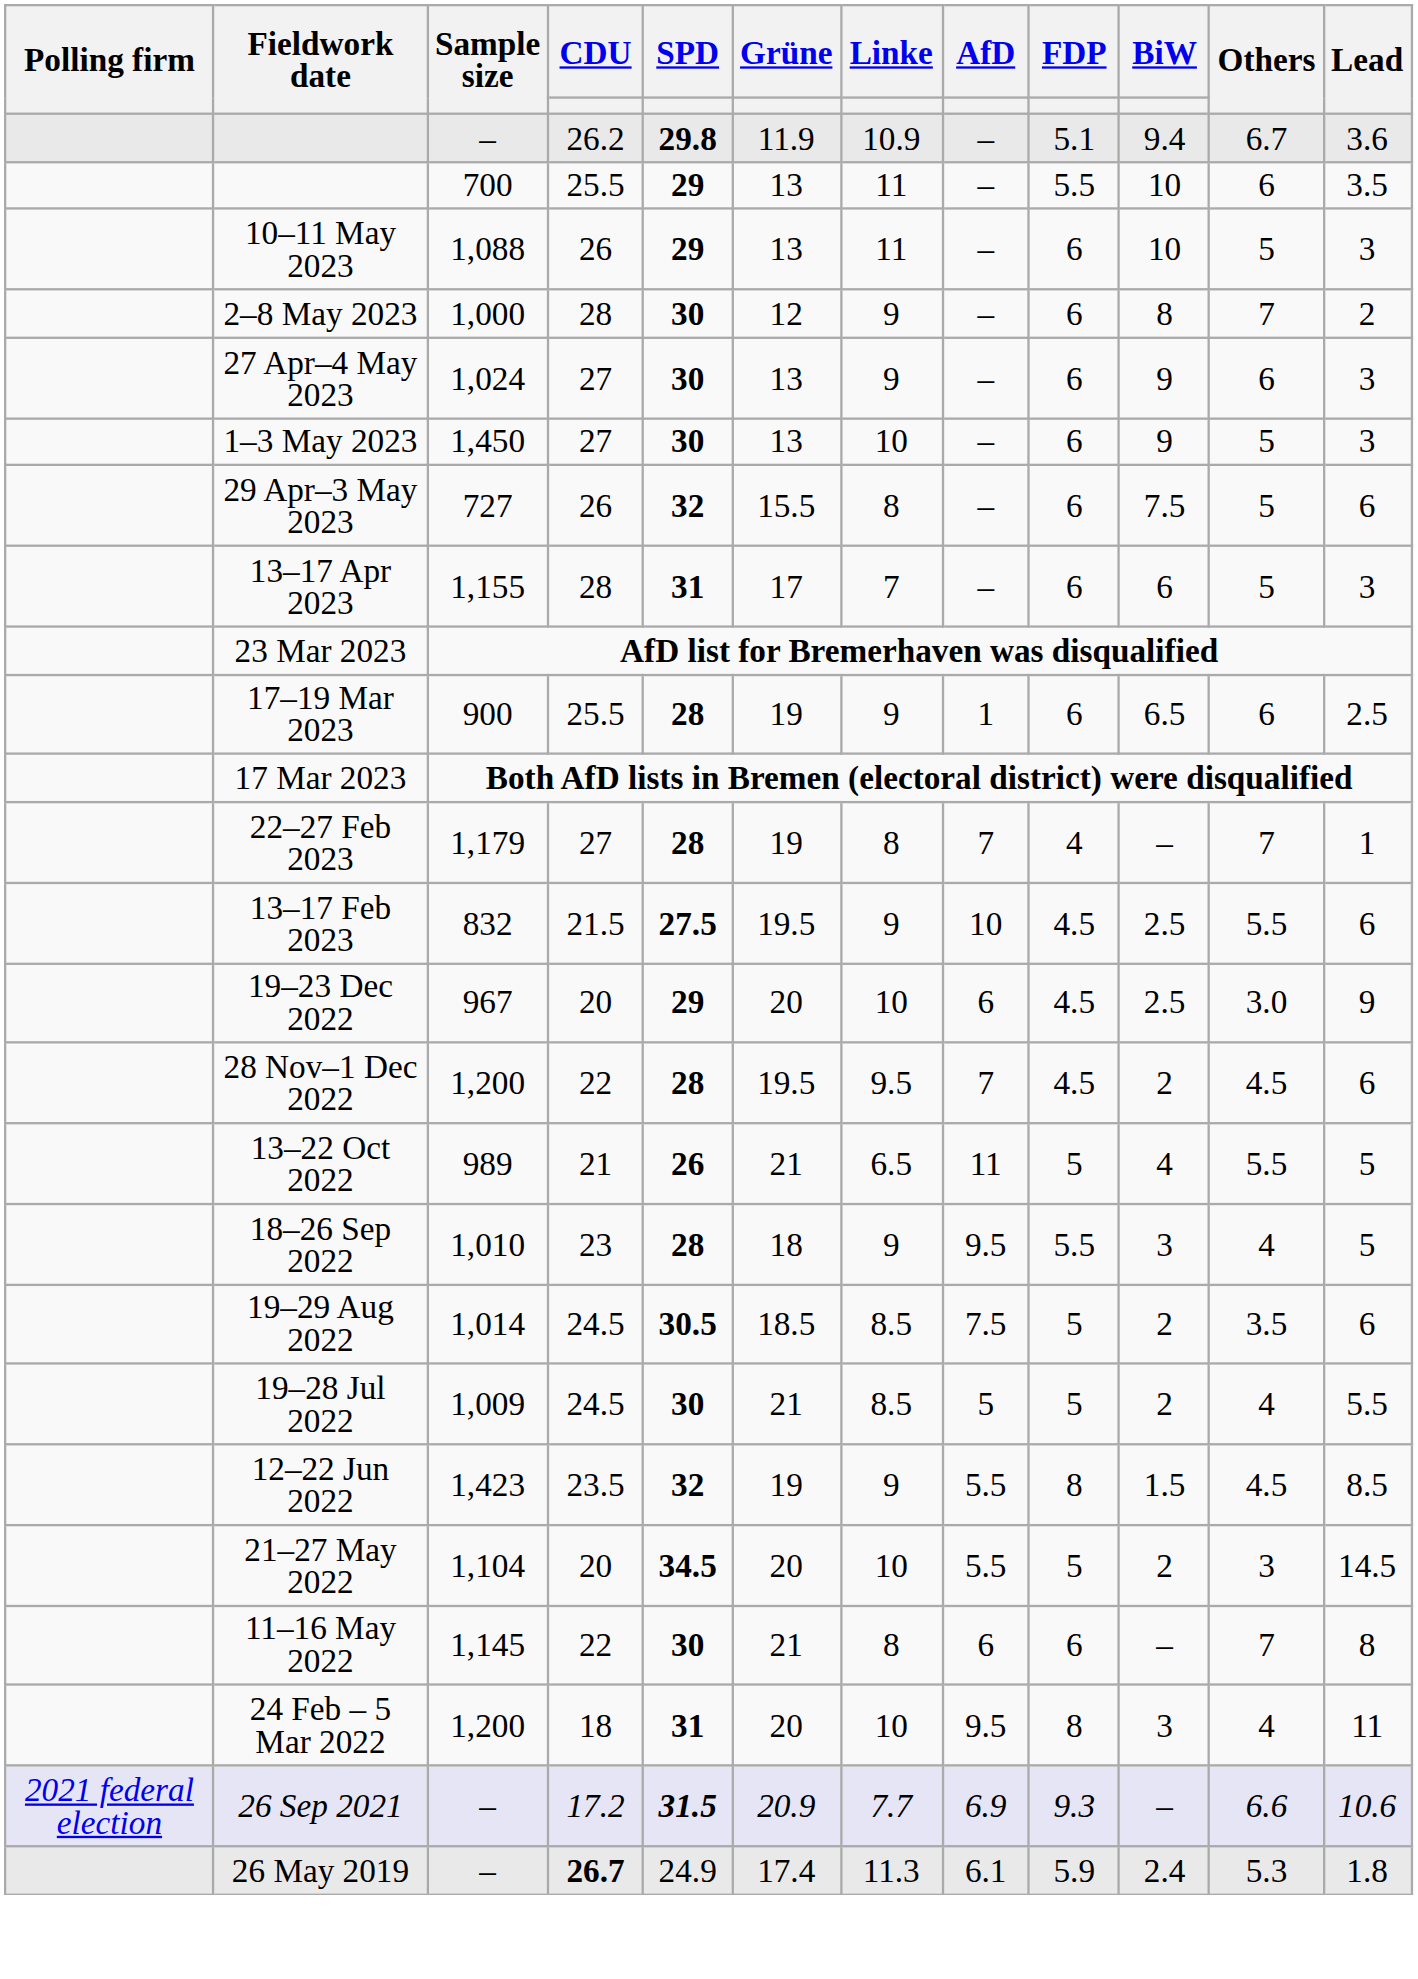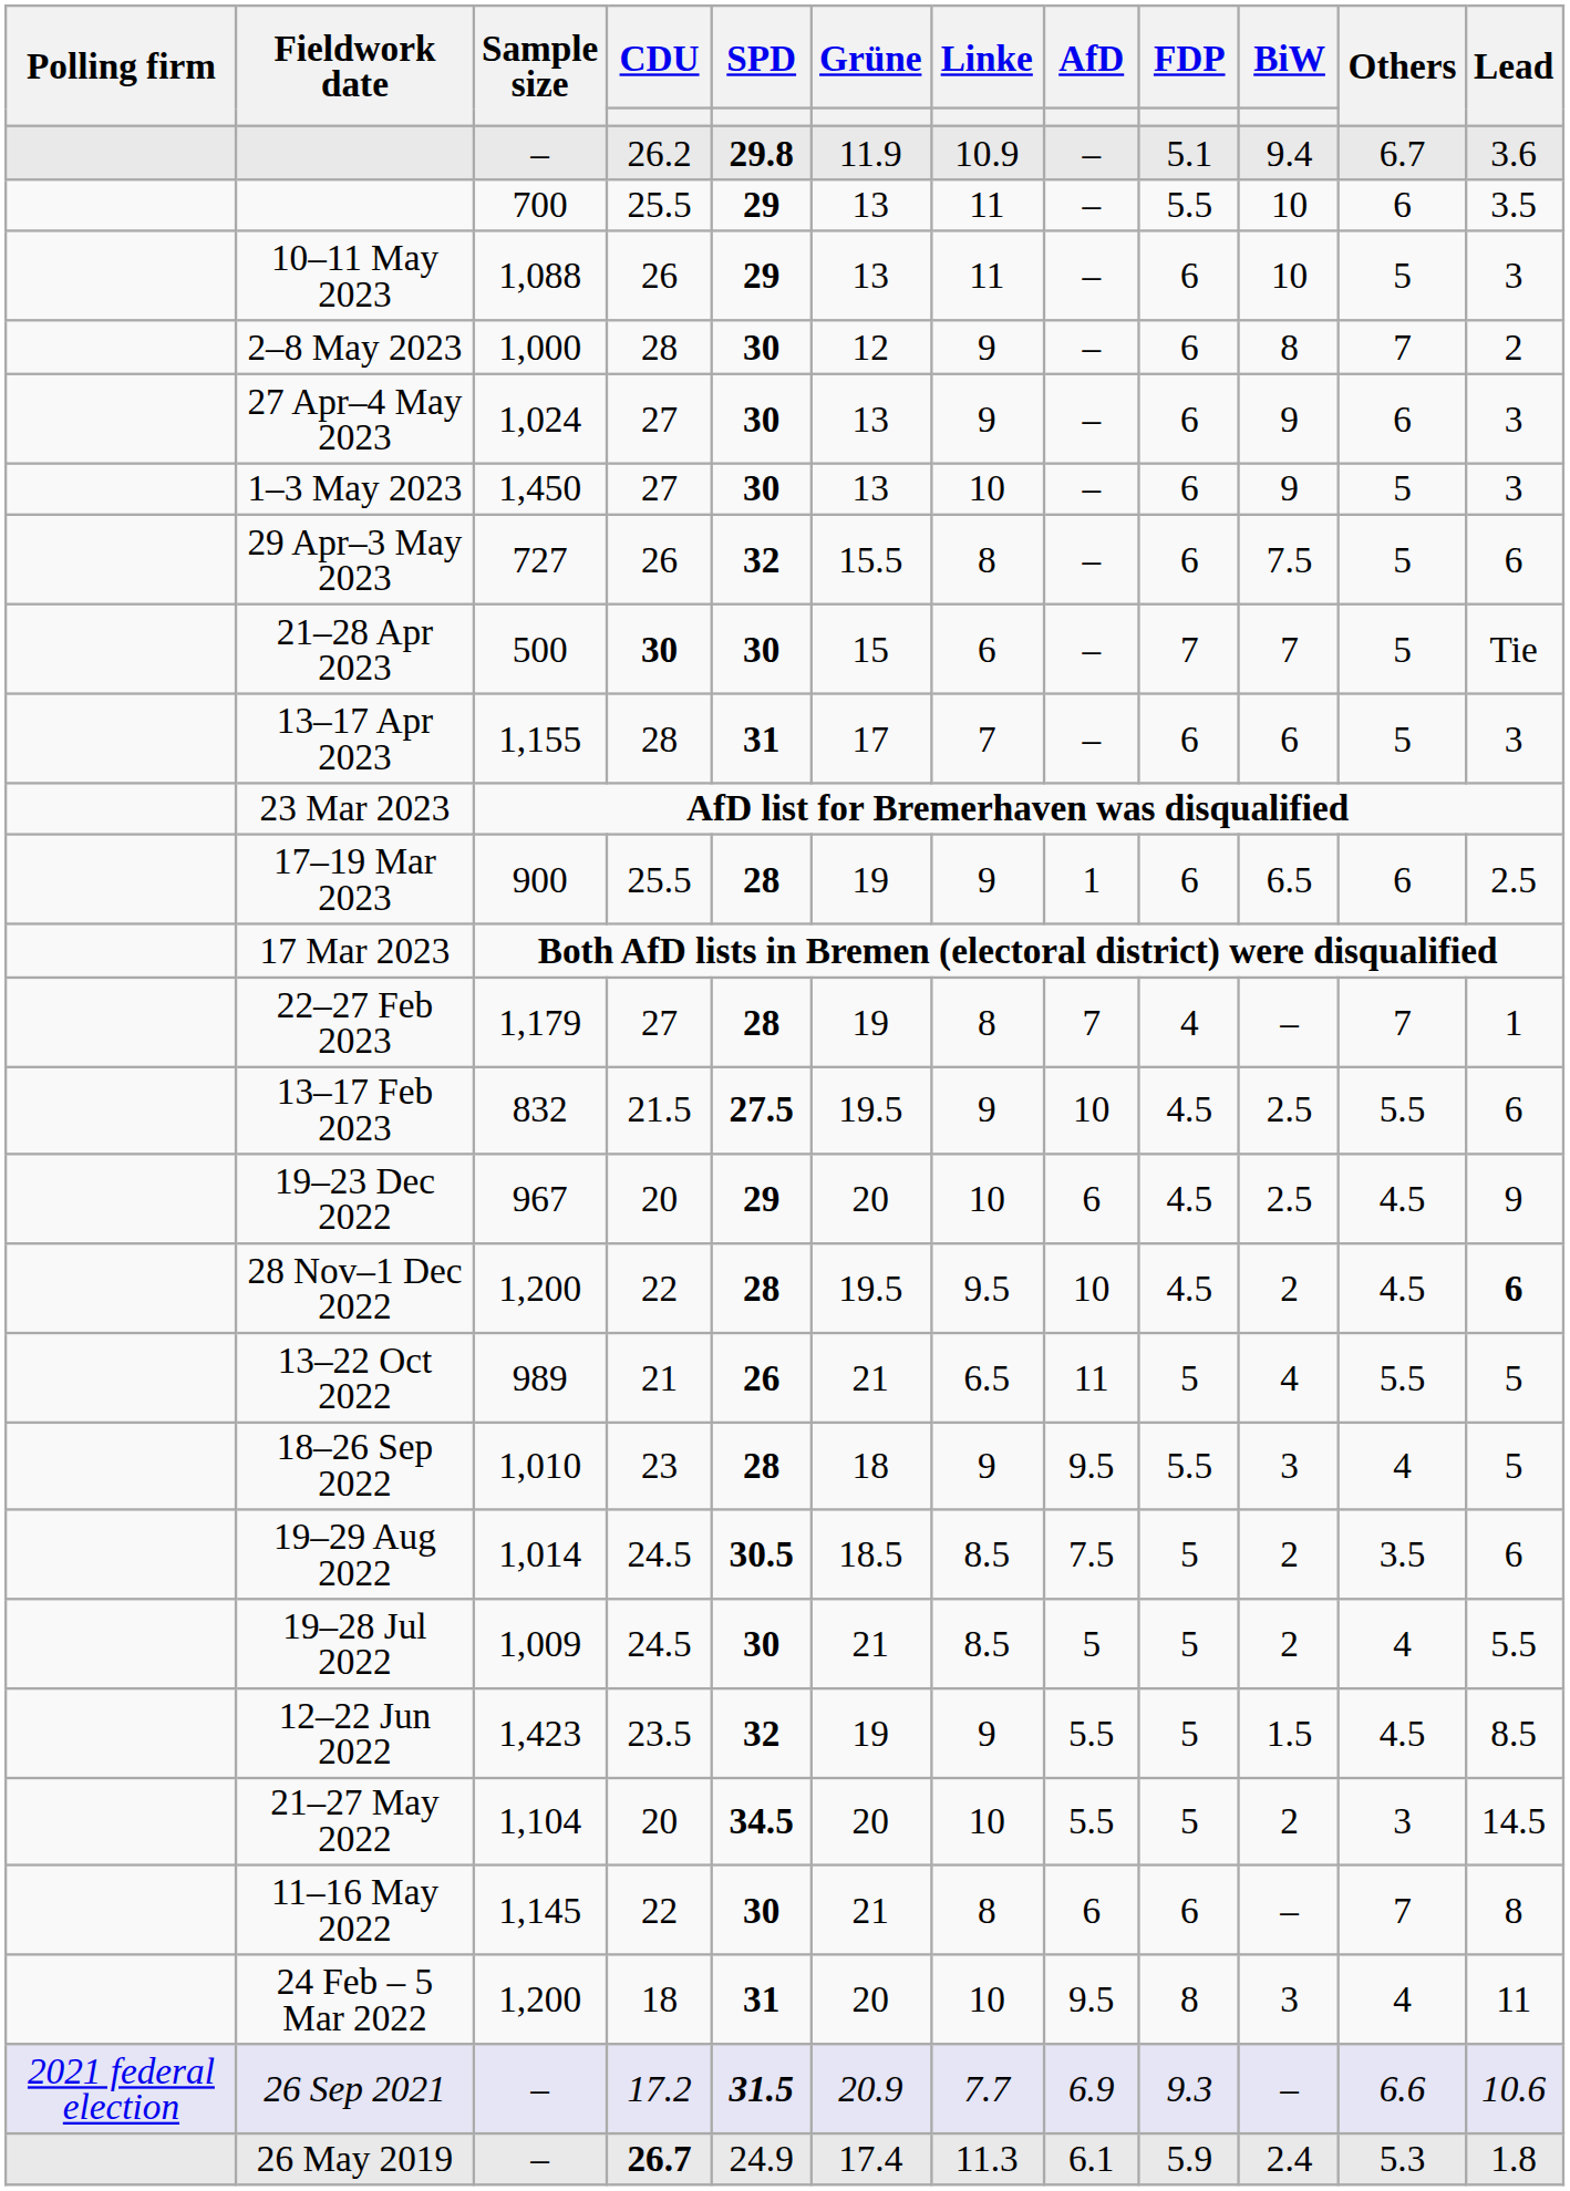 <table class="wikitable sortable" style="text-align:center;font-size:90%;line-height:14px;">
 <tr style="height:40px;">
 <th style="width:150px;" rowspan="2">Polling firm</th>
 <th style="width:125px;" rowspan="2">Fieldwork date</th>
 <th style="width:35px;" rowspan="2">Sample<br>size</th>
 <th class="unsortable" style="width:40px;"><a href='#'>CDU</a></th>
 <th class="unsortable" style="width:40px;"><a href='#'>SPD</a></th>
 <th class="unsortable" style="width:40px;"><a href='#'>Grüne</a></th>
 <th class="unsortable" style="width:40px;"><a href='#'>Linke</a></th>
 <th class="unsortable" style="width:40px;"><a href='#'>AfD</a></th>
 <th class="unsortable" style="width:40px;"><a href='#'>FDP</a></th>
 <th class="unsortable" style="width:40px;"><a href='#'>BiW</a></th>
 <th class="unsortable" style="width:40px;" rowspan="2">Others</th>
 <th style="width:30px;" rowspan="2">Lead</th>
 </tr>
 <tr>
 <th style="background:"></th>
 <th style="background:"></th>
 <th style="background:"></th>
 <th style="background:"></th>
 <th style="background:"></th>
 <th style="background:"></th>
 <th style="background:"></th>
 </tr>
 <tr style="background:#E9E9E9;">
 <td></td>
 <td></td>
 <td>–</td>
 <td>26.2</td>
 <td><strong>29.8</strong></td>
 <td>11.9</td>
 <td>10.9</td>
 <td>–</td>
 <td>5.1</td>
 <td>9.4</td>
 <td>6.7</td>
 <td style="background:">3.6</td>
 </tr>
 <tr>
 <td></td>
 <td></td>
 <td>700</td>
 <td>25.5</td>
 <td><strong>29</strong></td>
 <td>13</td>
 <td>11</td>
 <td>–</td>
 <td>5.5</td>
 <td>10</td>
 <td>6</td>
 <td style="background:">3.5</td>
 </tr>
 <tr>
 <td></td>
 <td data-sort-value="2023-05-11">10–11 May 2023</td>
 <td>1,088</td>
 <td>26</td>
 <td><strong>29</strong></td>
 <td>13</td>
 <td>11</td>
 <td>–</td>
 <td>6</td>
 <td>10</td>
 <td>5</td>
 <td style="background:">3</td>
 </tr>
 <tr>
 <td></td>
 <td data-sort-value="2023-05-08">2–8 May 2023</td>
 <td>1,000</td>
 <td>28</td>
 <td><strong>30</strong></td>
 <td>12</td>
 <td>9</td>
 <td>–</td>
 <td>6</td>
 <td>8</td>
 <td>7</td>
 <td style="background:">2</td>
 </tr>
 <tr>
 <td></td>
 <td data-sort-value="2023-05-04">27 Apr–4 May 2023</td>
 <td>1,024</td>
 <td>27</td>
 <td><strong>30</strong></td>
 <td>13</td>
 <td>9</td>
 <td>–</td>
 <td>6</td>
 <td>9</td>
 <td>6</td>
 <td style="background:">3</td>
 </tr>
 <tr>
 <td></td>
 <td data-sort-value="2023-05-03">1–3 May 2023</td>
 <td>1,450</td>
 <td>27</td>
 <td><strong>30</strong></td>
 <td>13</td>
 <td>10</td>
 <td>–</td>
 <td>6</td>
 <td>9</td>
 <td>5</td>
 <td style="background:">3</td>
 </tr>
 <tr>
 <td></td>
 <td data-sort-value="2023-05-03">29 Apr–3 May 2023</td>
 <td>727</td>
 <td>26</td>
 <td><strong>32</strong></td>
 <td>15.5</td>
 <td>8</td>
 <td>–</td>
 <td>6</td>
 <td>7.5</td>
 <td>5</td>
 <td style="background:">6</td>
 </tr>
 <tr>
 <td></td>
+<td data-sort-value="2023-04-28">21–28 Apr 2023</td>
+<td>500</td>
+<td><strong>30</strong></td>
+<td><strong>30</strong></td>
+<td>15</td>
+<td>6</td>
+<td>–</td>
+<td>7</td>
+<td>7</td>
+<td>5</td>
+<td>Tie</td>
+</tr>
+<tr>
+<td></td>
 <td data-sort-value="2023-04-17">13–17 Apr 2023</td>
 <td>1,155</td>
 <td>28</td>
 <td><strong>31</strong></td>
 <td>17</td>
 <td>7</td>
 <td>–</td>
 <td>6</td>
 <td>6</td>
 <td>5</td>
 <td style="background:">3</td>
 </tr>
 <tr>
 <td></td>
 <td data-sort-value="2023-03-23">23 Mar 2023</td>
 <td colspan="10"><strong>AfD list for Bremerhaven was disqualified</strong></td>
 </tr>
 <tr>
 <td></td>
 <td data-sort-value="2023-02-19">17–19 Mar 2023</td>
 <td>900</td>
 <td>25.5</td>
 <td><strong>28</strong></td>
 <td>19</td>
 <td>9</td>
 <td>1</td>
 <td>6</td>
 <td>6.5</td>
 <td>6</td>
 <td style="background:">2.5</td>
 </tr>
 <tr>
 <td></td>
 <td data-sort-value="2023-03-17">17 Mar 2023</td>
 <td colspan="10"><strong>Both AfD lists in Bremen (electoral district) were disqualified</strong></td>
 </tr>
 <tr>
 <td></td>
 <td data-sort-value="2023-02-27">22–27 Feb 2023</td>
 <td>1,179</td>
 <td>27</td>
 <td><strong>28</strong></td>
 <td>19</td>
 <td>8</td>
 <td>7</td>
 <td>4</td>
 <td>–</td>
 <td>7</td>
 <td style="background:">1</td>
 </tr>
 <tr>
 <td></td>
 <td data-sort-value="2023-02-17">13–17 Feb 2023</td>
 <td>832</td>
 <td>21.5</td>
 <td><strong>27.5</strong></td>
 <td>19.5</td>
 <td>9</td>
 <td>10</td>
 <td>4.5</td>
 <td>2.5</td>
 <td>5.5</td>
 <td style="background:">6</td>
 </tr>
 <tr>
 <td></td>
 <td data-sort-value="2022-12-23">19–23 Dec 2022</td>
 <td>967</td>
 <td>20</td>
 <td><strong>29</strong></td>
 <td>20</td>
 <td>10</td>
 <td>6</td>
 <td>4.5</td>
 <td>2.5</td>
-<td>3.0</td>
+<td>4.5</td>
 <td style="background:">9</td>
 </tr>
 <tr>
 <td></td>
 <td data-sort-value="2022-12-01">28 Nov–1 Dec 2022</td>
 <td>1,200</td>
 <td>22</td>
 <td><strong>28</strong></td>
 <td>19.5</td>
 <td>9.5</td>
-<td>7</td>
+<td>10</td>
 <td>4.5</td>
 <td>2</td>
 <td>4.5</td>
-<td style="background:">6</td>
+<td style="background:"><strong>6</strong></td>
 </tr>
 <tr>
 <td></td>
 <td data-sort-value="2022-10-22">13–22 Oct 2022</td>
 <td>989</td>
 <td>21</td>
 <td><strong>26</strong></td>
 <td>21</td>
 <td>6.5</td>
 <td>11</td>
 <td>5</td>
 <td>4</td>
 <td>5.5</td>
 <td style="background:">5</td>
 </tr>
 <tr>
 <td></td>
 <td data-sort-value="2022-09-26">18–26 Sep 2022</td>
 <td>1,010</td>
 <td>23</td>
 <td><strong>28</strong></td>
 <td>18</td>
 <td>9</td>
 <td>9.5</td>
 <td>5.5</td>
 <td>3</td>
 <td>4</td>
 <td style="background:">5</td>
 </tr>
 <tr>
 <td></td>
 <td data-sort-value="2022-08-29">19–29 Aug 2022</td>
 <td>1,014</td>
 <td>24.5</td>
 <td><strong>30.5</strong></td>
 <td>18.5</td>
 <td>8.5</td>
 <td>7.5</td>
 <td>5</td>
 <td>2</td>
 <td>3.5</td>
 <td style="background:">6</td>
 </tr>
 <tr>
 <td></td>
 <td data-sort-value="2022-07-28">19–28 Jul 2022</td>
 <td>1,009</td>
 <td>24.5</td>
 <td><strong>30</strong></td>
 <td>21</td>
 <td>8.5</td>
 <td>5</td>
 <td>5</td>
 <td>2</td>
 <td>4</td>
 <td style="background:">5.5</td>
 </tr>
 <tr>
 <td></td>
 <td data-sort-value="2022-06-22">12–22 Jun 2022</td>
 <td>1,423</td>
 <td>23.5</td>
 <td><strong>32</strong></td>
 <td>19</td>
 <td>9</td>
 <td>5.5</td>
-<td>8</td>
+<td>5</td>
 <td>1.5</td>
 <td>4.5</td>
 <td style="background:">8.5</td>
 </tr>
 <tr>
 <td></td>
 <td data-sort-value="2022-05-27">21–27 May 2022</td>
 <td>1,104</td>
 <td>20</td>
 <td><strong>34.5</strong></td>
 <td>20</td>
 <td>10</td>
 <td>5.5</td>
 <td>5</td>
 <td>2</td>
 <td>3</td>
 <td style="background:">14.5</td>
 </tr>
 <tr>
 <td></td>
 <td data-sort-value="2022-05-16">11–16 May 2022</td>
 <td>1,145</td>
 <td>22</td>
 <td><strong>30</strong></td>
 <td>21</td>
 <td>8</td>
 <td>6</td>
 <td>6</td>
 <td>–</td>
 <td>7</td>
 <td style="background:">8</td>
 </tr>
 <tr>
 <td></td>
 <td data-sort-value="2022-03-05">24 Feb – 5 Mar 2022</td>
 <td>1,200</td>
 <td>18</td>
 <td><strong>31</strong></td>
 <td>20</td>
 <td>10</td>
 <td>9.5</td>
 <td>8</td>
 <td>3</td>
 <td>4</td>
 <td style="background:">11</td>
 </tr>
 <tr style="background:#E5E5F5;font-style:italic;">
 <td><a href='#'>2021 federal election</a></td>
 <td data-sort-value="2021-09-26">26 Sep 2021</td>
 <td>–</td>
 <td>17.2</td>
 <td><strong>31.5</strong></td>
 <td>20.9</td>
 <td>7.7</td>
 <td>6.9</td>
 <td>9.3</td>
 <td>–</td>
 <td>6.6</td>
 <td style="background:">10.6</td>
 </tr>
 <tr style="background:#E9E9E9;">
 <td></td>
 <td data-sort-value="2019-05-26">26 May 2019</td>
 <td>–</td>
 <td><strong>26.7</strong></td>
 <td>24.9</td>
 <td>17.4</td>
 <td>11.3</td>
 <td>6.1</td>
 <td>5.9</td>
 <td>2.4</td>
 <td>5.3</td>
 <td style="background:">1.8</td>
 </tr>
 </table>
